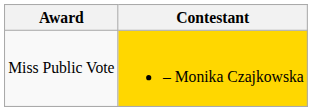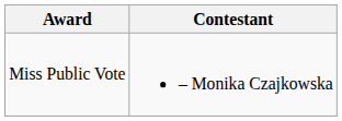 <table class="wikitable unsortable" style="font-size:95%;">
 <tr>
 <th>Award</th>
 <th>Contestant</th>
 </tr>
 <tr>
 <td>Miss Public Vote</td>
-<td style="background: gold;"><br><ul><li> – Monika Czajkowska</li></ul></td>
+<td><br><ul><li> – Monika Czajkowska</li></ul></td>
 </tr>
 <tr>
 </tr>
 </table>
